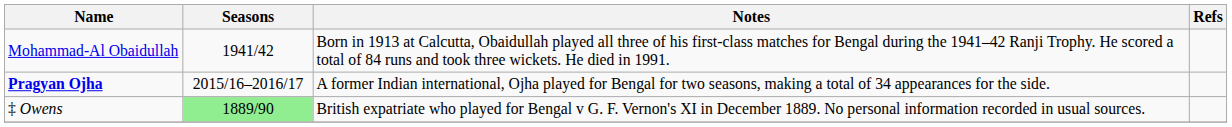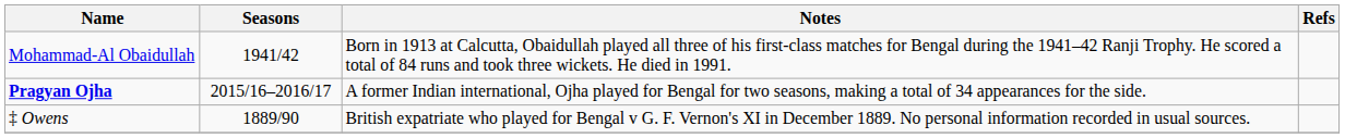 <table class="wikitable">
 <tr>
 <th style="width:175px">Name</th>
 <th style="width:125px">Seasons</th>
 <th>Notes</th>
 <th>Refs</th>
 </tr>
 <tr>
 <td><a href='#'>Mohammad-Al Obaidullah</a></td>
 <td align="center">1941/42</td>
 <td>Born in 1913 at Calcutta, Obaidullah played all three of his first-class matches for Bengal during the 1941–42 Ranji Trophy. He scored a total of 84 runs and took three wickets. He died in 1991.</td>
 <td></td>
 </tr>
 <tr>
 <td><strong><a href='#'>Pragyan Ojha</a></strong></td>
 <td align="center">2015/16–2016/17</td>
 <td>A former Indian international, Ojha played for Bengal for two seasons, making a total of 34 appearances for the side.</td>
 <td></td>
 </tr>
 <tr>
 <td>‡ <em>Owens</em></td>
-<td align="center" style="background: lightgreen;">1889/90</td>
+<td align="center">1889/90</td>
 <td>British expatriate who played for Bengal v G. F. Vernon's XI in December 1889. No personal information recorded in usual sources.</td>
 <td></td>
 </tr>
 <tr>
 </tr>
 </table>
